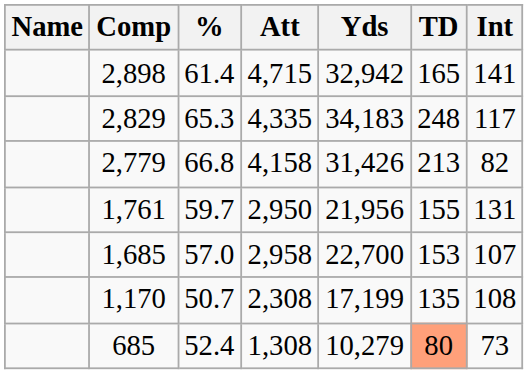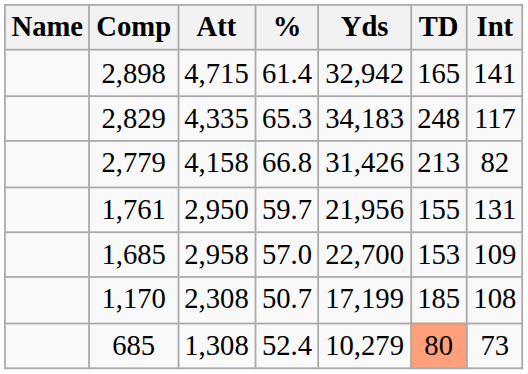 <table class="wikitable sortable" style="text-align:center">
 <tr>
 <th scope="col">Name</th>
 <th scope="col">Comp</th>
+<th scope="col">Att</th>
 <th scope="col">%</th>
-<th scope="col">Att</th>
 <th scope="col">Yds</th>
 <th scope="col">TD</th>
 <th scope="col">Int</th>
 </tr>
 <tr>
 <td></td>
 <td>2,898</td>
+<td>4,715</td>
 <td>61.4</td>
-<td>4,715</td>
 <td>32,942</td>
 <td>165</td>
 <td>141</td>
 </tr>
 <tr>
 <td></td>
 <td>2,829</td>
+<td>4,335</td>
 <td>65.3</td>
-<td>4,335</td>
 <td>34,183</td>
 <td>248</td>
 <td>117</td>
 </tr>
 <tr>
 <td></td>
 <td>2,779</td>
+<td>4,158</td>
 <td>66.8</td>
-<td>4,158</td>
 <td>31,426</td>
 <td>213</td>
 <td>82</td>
 </tr>
 <tr>
 <td></td>
 <td>1,761</td>
+<td>2,950</td>
 <td>59.7</td>
-<td>2,950</td>
 <td>21,956</td>
 <td>155</td>
 <td>131</td>
 </tr>
 <tr>
 <td></td>
 <td>1,685</td>
+<td>2,958</td>
 <td>57.0</td>
-<td>2,958</td>
 <td>22,700</td>
 <td>153</td>
-<td>107</td>
+<td>109</td>
 </tr>
 <tr>
 <td></td>
 <td>1,170</td>
+<td>2,308</td>
 <td>50.7</td>
-<td>2,308</td>
 <td>17,199</td>
-<td>135</td>
+<td>185</td>
 <td>108</td>
 </tr>
 <tr>
 <td></td>
 <td>685</td>
+<td>1,308</td>
 <td>52.4</td>
-<td>1,308</td>
 <td>10,279</td>
 <td style="background: lightsalmon;">80</td>
 <td>73</td>
 </tr>
 </table>
